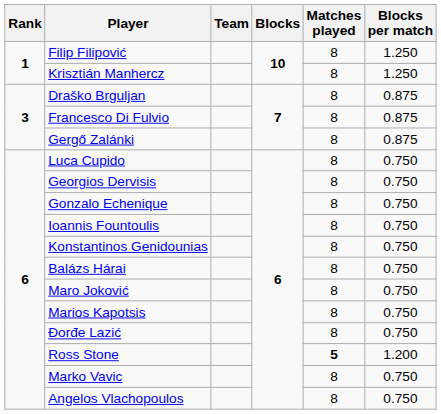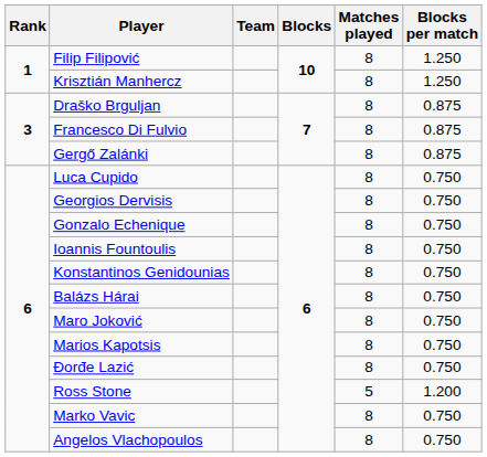 <table class="wikitable sortable" style="text-align: center; font-size: 90%; margin-left: 1em;">
 <tr>
 <th>Rank</th>
 <th>Player</th>
 <th>Team</th>
 <th>Blocks</th>
 <th>Matches<br>played</th>
 <th>Blocks<br>per match</th>
 </tr>
 <tr>
 <td rowspan="2"><strong>1</strong></td>
 <td style="text-align: left;" data-sort-value="Filipović, Filip"><a href='#'>Filip Filipović</a></td>
 <td style="text-align: left;"></td>
 <td rowspan="2"><strong>10</strong></td>
 <td>8</td>
 <td>1.250</td>
 </tr>
 <tr>
 <td style="text-align: left;" data-sort-value="Manhercz, Krisztián"><a href='#'>Krisztián Manhercz</a></td>
 <td style="text-align: left;"></td>
 <td>8</td>
 <td>1.250</td>
 </tr>
 <tr>
 <td rowspan="3"><strong>3</strong></td>
 <td style="text-align: left;" data-sort-value="Brguljan, Draško"><a href='#'>Draško Brguljan</a></td>
 <td style="text-align: left;"></td>
 <td rowspan="3"><strong>7</strong></td>
 <td>8</td>
 <td>0.875</td>
 </tr>
 <tr>
 <td style="text-align: left;" data-sort-value="Di Fulvio, Francesco"><a href='#'>Francesco Di Fulvio</a></td>
 <td style="text-align: left;"></td>
 <td>8</td>
 <td>0.875</td>
 </tr>
 <tr>
 <td style="text-align: left;" data-sort-value="Zalánki, Gergő"><a href='#'>Gergő Zalánki</a></td>
 <td style="text-align: left;"></td>
 <td>8</td>
 <td>0.875</td>
 </tr>
 <tr>
 <td rowspan="12"><strong>6</strong></td>
 <td style="text-align: left;" data-sort-value="Cupido, Luca"><a href='#'>Luca Cupido</a></td>
 <td style="text-align: left;"></td>
 <td rowspan="12"><strong>6</strong></td>
 <td>8</td>
 <td>0.750</td>
 </tr>
 <tr>
 <td style="text-align: left;" data-sort-value="Dervisis, Georgios"><a href='#'>Georgios Dervisis</a></td>
 <td style="text-align: left;"></td>
 <td>8</td>
 <td>0.750</td>
 </tr>
 <tr>
 <td style="text-align: left;" data-sort-value="Echenique, Gonzalo"><a href='#'>Gonzalo Echenique</a></td>
 <td style="text-align: left;"></td>
 <td>8</td>
 <td>0.750</td>
 </tr>
 <tr>
 <td style="text-align: left;" data-sort-value="Fountoulis, Ioannis"><a href='#'>Ioannis Fountoulis</a></td>
 <td style="text-align: left;"></td>
 <td>8</td>
 <td>0.750</td>
 </tr>
 <tr>
 <td style="text-align: left;" data-sort-value="Genidounias, Konstantinos"><a href='#'>Konstantinos Genidounias</a></td>
 <td style="text-align: left;"></td>
 <td>8</td>
 <td>0.750</td>
 </tr>
 <tr>
 <td style="text-align: left;" data-sort-value="Hárai, Balázs"><a href='#'>Balázs Hárai</a></td>
 <td style="text-align: left;"></td>
 <td>8</td>
 <td>0.750</td>
 </tr>
 <tr>
 <td style="text-align: left;" data-sort-value="Joković, Maro"><a href='#'>Maro Joković</a></td>
 <td style="text-align: left;"></td>
 <td>8</td>
 <td>0.750</td>
 </tr>
 <tr>
 <td style="text-align: left;" data-sort-value="Kapotsis, Marios"><a href='#'>Marios Kapotsis</a></td>
 <td style="text-align: left;"></td>
 <td>8</td>
 <td>0.750</td>
 </tr>
 <tr>
 <td style="text-align: left;" data-sort-value="Lazić, Đorđe"><a href='#'>Đorđe Lazić</a></td>
 <td style="text-align: left;"></td>
 <td>8</td>
 <td>0.750</td>
 </tr>
 <tr>
 <td style="text-align: left;" data-sort-value="Stone, Ross"><a href='#'>Ross Stone</a></td>
 <td style="text-align: left;"></td>
-<td><strong>5</strong></td>
+<td>5</td>
 <td>1.200</td>
 </tr>
 <tr>
 <td style="text-align: left;" data-sort-value="Vavic, Marko"><a href='#'>Marko Vavic</a></td>
 <td style="text-align: left;"></td>
 <td>8</td>
 <td>0.750</td>
 </tr>
 <tr>
 <td style="text-align: left;" data-sort-value="Vlachopoulos, Angelos"><a href='#'>Angelos Vlachopoulos</a></td>
 <td style="text-align: left;"></td>
 <td>8</td>
 <td>0.750</td>
 </tr>
 </table>
